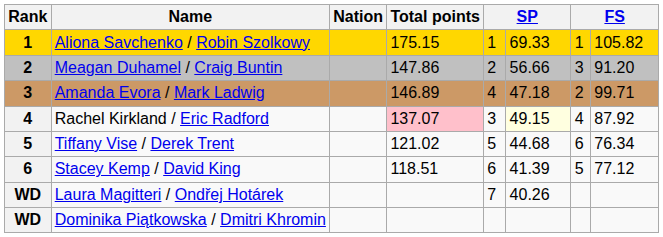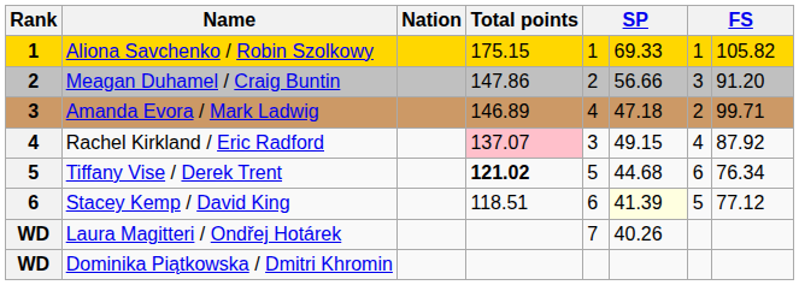 <table class="wikitable">
 <tr>
 <th>Rank</th>
 <th>Name</th>
 <th>Nation</th>
 <th>Total points</th>
 <th colspan="2" width="80px"><a href='#'>SP</a></th>
 <th colspan="2" width="80px"><a href='#'>FS</a></th>
 </tr>
 <tr bgcolor="gold">
 <td align="center"><strong>1</strong></td>
 <td><a href='#'>Aliona Savchenko</a> / <a href='#'>Robin Szolkowy</a></td>
 <td></td>
 <td>175.15</td>
 <td>1</td>
 <td>69.33</td>
 <td>1</td>
 <td>105.82</td>
 </tr>
 <tr bgcolor="silver">
 <td align="center"><strong>2</strong></td>
 <td><a href='#'>Meagan Duhamel</a> / <a href='#'>Craig Buntin</a></td>
 <td></td>
 <td>147.86</td>
 <td>2</td>
 <td>56.66</td>
 <td>3</td>
 <td>91.20</td>
 </tr>
 <tr bgcolor="cc9966">
 <td align="center"><strong>3</strong></td>
 <td><a href='#'>Amanda Evora</a> / <a href='#'>Mark Ladwig</a></td>
 <td></td>
 <td>146.89</td>
 <td>4</td>
 <td>47.18</td>
 <td>2</td>
 <td>99.71</td>
 </tr>
 <tr>
 <th>4</th>
 <td>Rachel Kirkland / <a href='#'>Eric Radford</a></td>
 <td></td>
 <td style="background: pink;">137.07</td>
 <td>3</td>
-<td style="background: lightyellow;">49.15</td>
+<td>49.15</td>
 <td>4</td>
 <td>87.92</td>
 </tr>
 <tr>
 <th>5</th>
 <td><a href='#'>Tiffany Vise</a> / <a href='#'>Derek Trent</a></td>
 <td></td>
-<td>121.02</td>
+<td><strong>121.02</strong></td>
 <td>5</td>
 <td>44.68</td>
 <td>6</td>
 <td>76.34</td>
 </tr>
 <tr>
 <th>6</th>
 <td><a href='#'>Stacey Kemp</a> / <a href='#'>David King</a></td>
 <td></td>
 <td>118.51</td>
 <td>6</td>
-<td>41.39</td>
+<td style="background: lightyellow;">41.39</td>
 <td>5</td>
 <td>77.12</td>
 </tr>
 <tr>
 <th>WD</th>
 <td><a href='#'>Laura Magitteri</a> / <a href='#'>Ondřej Hotárek</a></td>
 <td></td>
 <td></td>
 <td>7</td>
 <td>40.26</td>
 <td></td>
 <td></td>
 </tr>
 <tr>
 <th>WD</th>
 <td><a href='#'>Dominika Piątkowska</a> / <a href='#'>Dmitri Khromin</a></td>
 <td></td>
 <td></td>
 <td></td>
 <td></td>
 <td></td>
 <td></td>
 </tr>
 </table>
